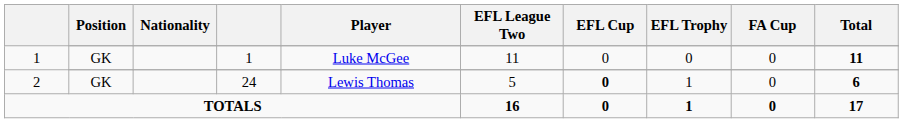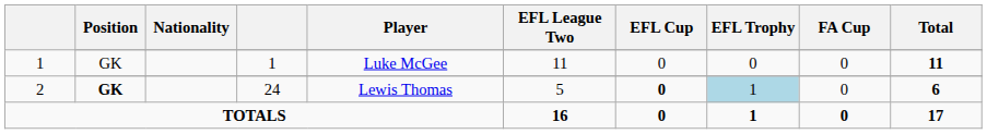 <table class="wikitable" style="font-size: 95%; text-align: center;">
 <tr>
 <th width=60></th>
 <th width=60>Position</th>
 <th width=80>Nationality</th>
 <th width=60></th>
 <th width=180>Player</th>
 <th width=100>EFL League Two</th>
 <th width=80>EFL Cup</th>
 <th width=80>EFL Trophy</th>
 <th width=80>FA Cup</th>
 <th width=80>Total</th>
 </tr>
 <tr>
 <td rowspan="2">1</td>
 </tr>
 <tr>
 <td>GK</td>
 <td></td>
 <td>1</td>
 <td><a href='#'>Luke McGee</a></td>
 <td>11</td>
 <td>0</td>
 <td>0</td>
 <td>0</td>
 <td><strong>11</strong></td>
 </tr>
 <tr>
 <td rowspan="2">2</td>
 </tr>
 <tr>
-<td>GK</td>
+<td><strong>GK</strong></td>
 <td></td>
 <td>24</td>
 <td><a href='#'>Lewis Thomas</a></td>
 <td>5</td>
 <td><strong>0</strong></td>
-<td>1</td>
+<td style="background: lightblue;">1</td>
 <td>0</td>
 <td><strong>6</strong></td>
 </tr>
 <tr>
 <td colspan=5><strong>TOTALS</strong></td>
 <td><strong>16</strong></td>
 <td><strong>0</strong></td>
 <td><strong>1</strong></td>
 <td><strong>0</strong></td>
 <td><strong>17</strong></td>
 </tr>
 </table>
